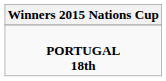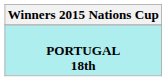 <table class="wikitable" style="text-align: center; margin: 0 auto;">
 <tr>
 <th>Winners 2015 Nations Cup</th>
 </tr>
 <tr>
 </tr>
 <tr>
-<td><br><strong>PORTUGAL</strong><br><strong>18th</strong></td>
+<td style="background: paleturquoise;"><br><strong>PORTUGAL</strong><br><strong>18th</strong></td>
 </tr>
 </table>
